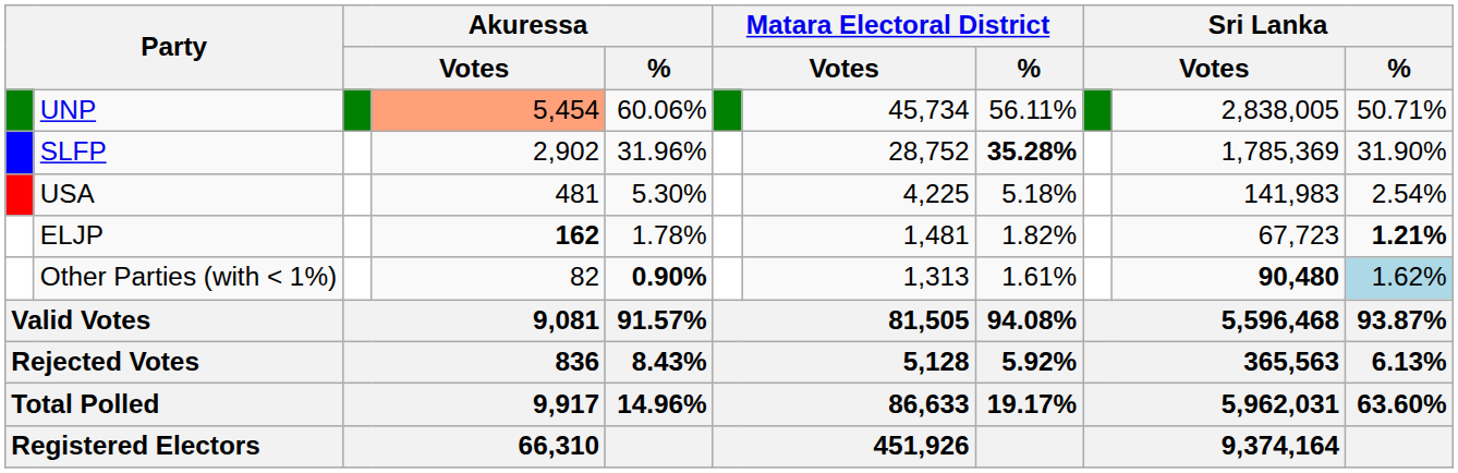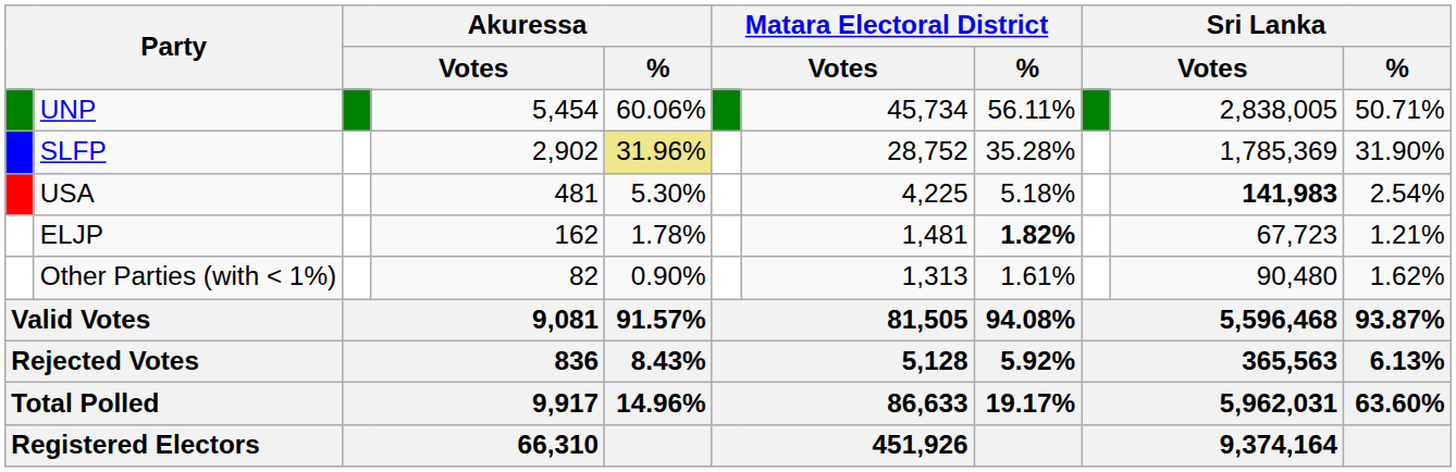 <table class="wikitable">
 <tr>
 <th colspan="2" width="144px"rowspan="2">Party</th>
 <th colspan="3" width="216px">Akuressa</th>
 <th colspan="3" width="216px"><a href='#'>Matara Electoral District</a></th>
 <th colspan="3" width="216px">Sri Lanka</th>
 </tr>
 <tr>
 <th colspan="2" width="144px">Votes</th>
 <th>%</th>
 <th colspan="2" width="144px">Votes</th>
 <th>%</th>
 <th colspan="2" width="144px">Votes</th>
 <th>%</th>
 </tr>
 <tr>
 <td style="background-color:green;" width="10px"></td>
 <td style="text-align:left;"><a href='#'>UNP</a></td>
 <td style="background-color:green;" width="10px"></td>
-<td style="background: lightsalmon; text-align:right;">5,454</td>
+<td style="text-align:right;">5,454</td>
 <td style="text-align:right;">60.06%</td>
 <td style="background-color:green;" width="10px"></td>
 <td style="text-align:right;">45,734</td>
 <td style="text-align:right;">56.11%</td>
 <td style="background-color:green;" width="10px"></td>
 <td style="text-align:right;">2,838,005</td>
 <td style="text-align:right;">50.71%</td>
 </tr>
 <tr>
 <td style="background-color:blue;" width="10px"></td>
 <td style="text-align:left;"><a href='#'>SLFP</a></td>
 <td style="background-color:white;" width="10px"></td>
 <td style="text-align:right;">2,902</td>
-<td style="text-align:right;">31.96%</td>
+<td style="background: khaki; text-align:right;">31.96%</td>
 <td style="background-color:white;" width="10px"></td>
 <td style="text-align:right;">28,752</td>
-<td style="text-align:right;"><strong>35.28%</strong></td>
+<td style="text-align:right;">35.28%</td>
 <td style="background-color:white;" width="10px"></td>
 <td style="text-align:right;">1,785,369</td>
 <td style="text-align:right;">31.90%</td>
 </tr>
 <tr>
 <td style="background-color:red;" width="10px"></td>
 <td style="text-align:left;">USA</td>
 <td style="background-color:white;" width="10px"></td>
 <td style="text-align:right;">481</td>
 <td style="text-align:right;">5.30%</td>
 <td style="background-color:white;" width="10px"></td>
 <td style="text-align:right;">4,225</td>
 <td style="text-align:right;">5.18%</td>
 <td style="background-color:white;" width="10px"></td>
-<td style="text-align:right;">141,983</td>
+<td style="text-align:right;"><strong>141,983</strong></td>
 <td style="text-align:right;">2.54%</td>
 </tr>
 <tr>
 <td style="background-color:white;" width="10px"></td>
 <td style="text-align:left;">ELJP</td>
 <td style="background-color:white;" width="10px"></td>
-<td style="text-align:right;"><strong>162</strong></td>
+<td style="text-align:right;">162</td>
 <td style="text-align:right;">1.78%</td>
 <td style="background-color:white;" width="10px"></td>
 <td style="text-align:right;">1,481</td>
-<td style="text-align:right;">1.82%</td>
+<td style="text-align:right;"><strong>1.82%</strong></td>
 <td style="background-color:white;" width="10px"></td>
 <td style="text-align:right;">67,723</td>
-<td style="text-align:right;"><strong>1.21%</strong></td>
+<td style="text-align:right;">1.21%</td>
 </tr>
 <tr>
 <td style="background-color:white;" width="10px"></td>
 <td style="text-align:left;">Other Parties (with < 1%)</td>
 <td style="background-color:white;" width="10px"></td>
 <td style="text-align:right;">82</td>
-<td style="text-align:right;"><strong>0.90%</strong></td>
+<td style="text-align:right;">0.90%</td>
 <td style="background-color:white;" width="10px"></td>
 <td style="text-align:right;">1,313</td>
 <td style="text-align:right;">1.61%</td>
 <td style="background-color:white;" width="10px"></td>
-<td style="text-align:right;"><strong>90,480</strong></td>
-<td style="background: lightblue; text-align:right;">1.62%</td>
+<td style="text-align:right;">90,480</td>
+<td style="text-align:right;">1.62%</td>
 </tr>
 <tr>
 <th colspan="2" width="144px"style="text-align:left;">Valid Votes</th>
 <th style="text-align:right;"colspan="2" width="144px">9,081</th>
 <th style="text-align:right;">91.57%</th>
 <th style="text-align:right;"colspan="2" width="144px">81,505</th>
 <th style="text-align:right;">94.08%</th>
 <th style="text-align:right;"colspan="2" width="144px">5,596,468</th>
 <th style="text-align:right;">93.87%</th>
 </tr>
 <tr>
 <th colspan="2" width="144px"style="text-align:left;">Rejected Votes</th>
 <th style="text-align:right;"colspan="2" width="144px">836</th>
 <th style="text-align:right;">8.43%</th>
 <th style="text-align:right;"colspan="2" width="144px">5,128</th>
 <th style="text-align:right;">5.92%</th>
 <th style="text-align:right;"colspan="2" width="144px">365,563</th>
 <th style="text-align:right;">6.13%</th>
 </tr>
 <tr>
 <th colspan="2" width="144px"style="text-align:left;">Total Polled</th>
 <th style="text-align:right;"colspan="2" width="144px">9,917</th>
 <th style="text-align:right;">14.96%</th>
 <th style="text-align:right;"colspan="2" width="144px">86,633</th>
 <th style="text-align:right;">19.17%</th>
 <th style="text-align:right;"colspan="2" width="144px">5,962,031</th>
 <th style="text-align:right;">63.60%</th>
 </tr>
 <tr>
 <th colspan="2" width="144px"style="text-align:left;">Registered Electors</th>
 <th style="text-align:right;"colspan="2" width="144px">66,310</th>
 <th></th>
 <th style="text-align:right;"colspan="2" width="144px">451,926</th>
 <th></th>
 <th style="text-align:right;"colspan="2" width="144px">9,374,164</th>
 <th></th>
 </tr>
 </table>
